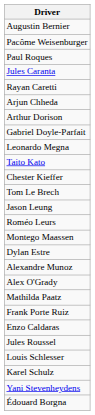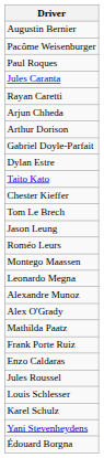 <table class="wikitable sortable" style="font-size: 85%;">
 <tr>
 <th>Driver</th>
 </tr>
 <tr>
 <td> Augustin Bernier</td>
 </tr>
 <tr>
 <td> Pacôme Weisenburger</td>
 </tr>
 <tr>
 <td> Paul Roques</td>
 </tr>
 <tr>
 <td> <a href='#'>Jules Caranta</a></td>
 </tr>
 <tr>
 <td> Rayan Caretti</td>
 </tr>
 <tr>
 <td> Arjun Chheda</td>
 </tr>
 <tr>
 <td> Arthur Dorison</td>
 </tr>
 <tr>
 <td> Gabriel Doyle-Parfait</td>
 </tr>
 <tr>
-<td> Leonardo Megna</td>
+<td> Dylan Estre</td>
 </tr>
 <tr>
 <td> <a href='#'>Taito Kato</a></td>
 </tr>
 <tr>
 <td> Chester Kieffer</td>
 </tr>
 <tr>
 <td> Tom Le Brech</td>
 </tr>
 <tr>
 <td> Jason Leung</td>
 </tr>
 <tr>
 <td> Roméo Leurs</td>
 </tr>
 <tr>
 <td> Montego Maassen</td>
 </tr>
 <tr>
-<td> Dylan Estre</td>
+<td> Leonardo Megna</td>
 </tr>
 <tr>
 <td> Alexandre Munoz</td>
 </tr>
 <tr>
 <td> Alex O'Grady</td>
 </tr>
 <tr>
 <td> Mathilda Paatz</td>
 </tr>
 <tr>
 <td nowrap=""> Frank Porte Ruiz</td>
 </tr>
 <tr>
 <td> Enzo Caldaras</td>
 </tr>
 <tr>
 <td> Jules Roussel</td>
 </tr>
 <tr>
 <td> Louis Schlesser</td>
 </tr>
 <tr>
 <td> Karel Schulz</td>
 </tr>
 <tr>
 <td> <a href='#'>Yani Stevenheydens</a></td>
 </tr>
 <tr>
 <td> Édouard Borgna</td>
 </tr>
 </table>
